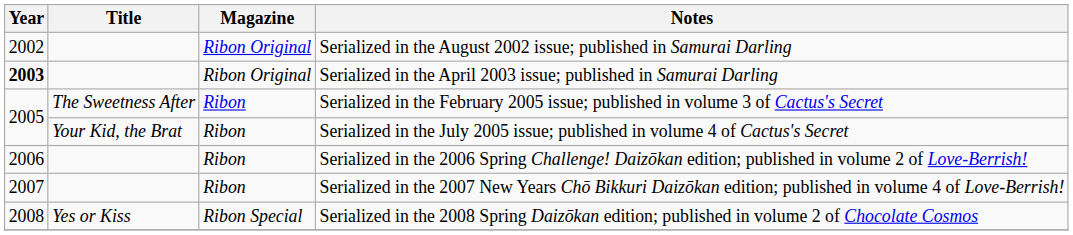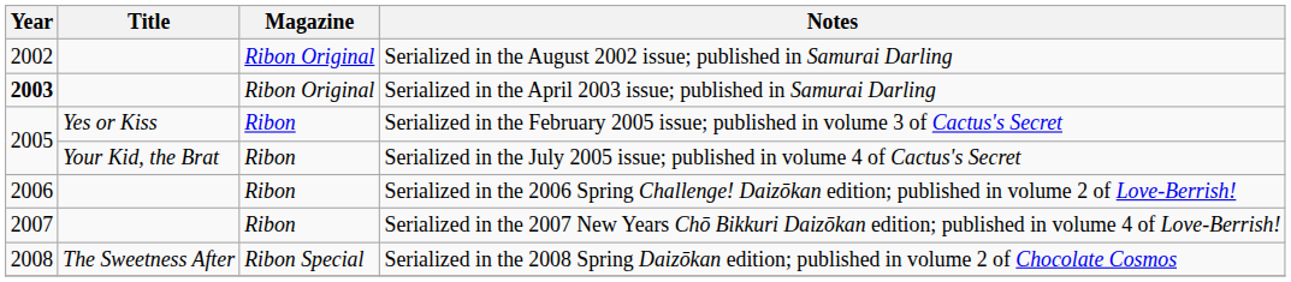 <table class="wikitable">
 <tr>
 <th>Year</th>
 <th>Title</th>
 <th>Magazine</th>
 <th>Notes</th>
 </tr>
 <tr>
 <td>2002</td>
 <td></td>
 <td><em><a href='#'>Ribon Original</a></em></td>
 <td>Serialized in the August 2002 issue; published in <em>Samurai Darling</em></td>
 </tr>
 <tr>
 <td><strong>2003</strong></td>
 <td></td>
 <td><em>Ribon Original</em></td>
 <td>Serialized in the April 2003 issue; published in <em>Samurai Darling</em></td>
 </tr>
 <tr>
 <td rowspan="2">2005</td>
-<td><em>The Sweetness After</em><br></td>
+<td><em>Yes or Kiss</em><br></td>
 <td><em><a href='#'>Ribon</a></em></td>
 <td>Serialized in the February 2005 issue; published in volume 3 of <em><a href='#'>Cactus's Secret</a></em></td>
 </tr>
 <tr>
 <td><em>Your Kid, the Brat</em><br></td>
 <td><em>Ribon</em></td>
 <td>Serialized in the July 2005 issue; published in volume 4 of <em>Cactus's Secret</em></td>
 </tr>
 <tr>
 <td>2006</td>
 <td></td>
 <td><em>Ribon</em></td>
 <td>Serialized in the 2006 Spring <em>Challenge! Daizōkan</em> edition; published in volume 2 of <em><a href='#'>Love-Berrish!</a></em></td>
 </tr>
 <tr>
 <td>2007</td>
 <td></td>
 <td><em>Ribon</em></td>
 <td>Serialized in the 2007 New Years <em>Chō Bikkuri Daizōkan</em>  edition; published in volume 4 of <em>Love-Berrish!</em></td>
 </tr>
 <tr>
 <td>2008</td>
-<td><em>Yes or Kiss</em><br></td>
+<td><em>The Sweetness After</em><br></td>
 <td><em>Ribon Special</em></td>
 <td>Serialized in the 2008 Spring <em>Daizōkan</em> edition; published in volume 2 of <em><a href='#'>Chocolate Cosmos</a></em></td>
 </tr>
 <tr>
 </tr>
 </table>
